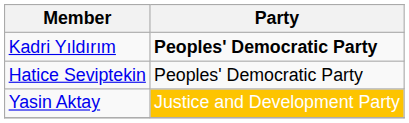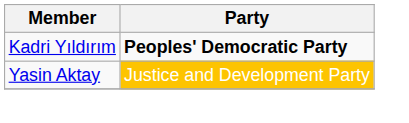 <table class="wikitable">
 <tr>
 <th>Member</th>
 <th>Party</th>
 </tr>
 <tr>
 <td><a href='#'>Kadri Yıldırım</a></td>
 <td style="background:"><strong>Peoples' Democratic Party</strong></td>
 </tr>
 <tr>
-<td><a href='#'>Hatice Seviptekin</a></td>
-<td style="background:">Peoples' Democratic Party</td>
-</tr>
-<tr>
 <td><a href='#'>Yasin Aktay</a></td>
 <td style="background:#FDC400; color:white">Justice and Development Party</td>
 </tr>
 <tr>
 </tr>
 </table>
